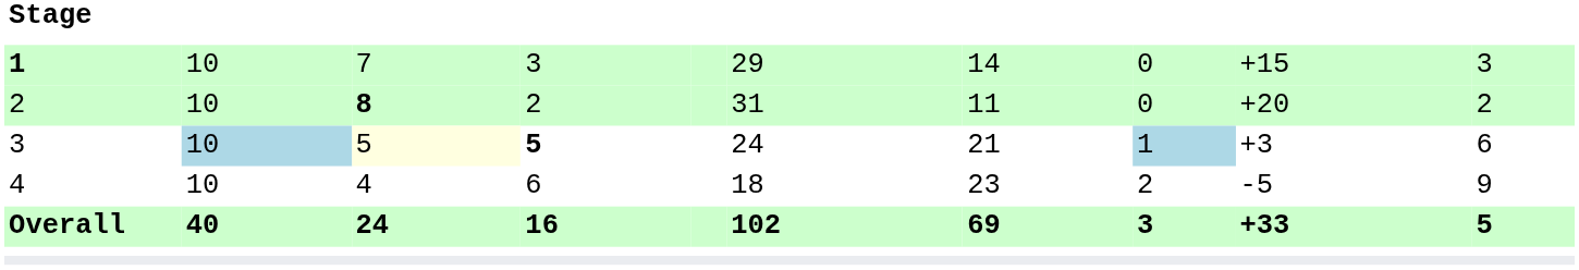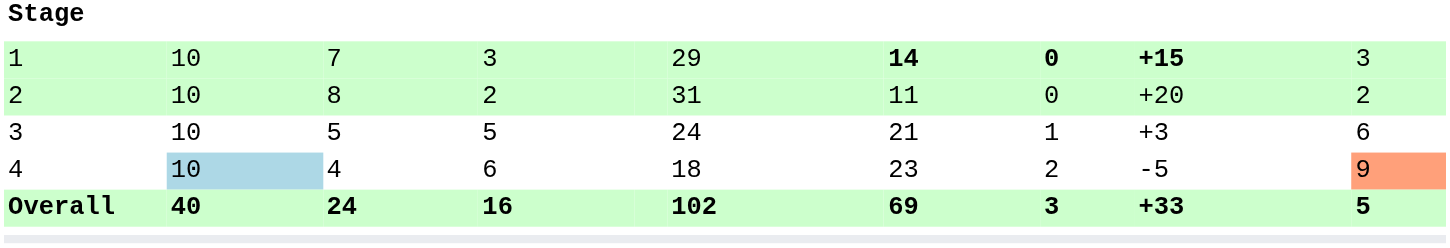 <table class="toccolours" border=0 cellpadding="2" cellspacing="0" style="font-size:95%; text-align:left; width:700px;">
 <tr align="left" style="background:#">
 <th style="width:75px">Stage</th>
 <th></th>
 <th></th>
 <th></th>
 <th></th>
 <th></th>
 <th></th>
 <th></th>
 <th></th>
 <th></th>
 </tr>
 <tr>
 <td colspan = "10"></td>
 </tr>
 <tr style="background:#cfc">
-<td><strong>1</strong></td>
+<td>1</td>
 <td>10</td>
 <td>7</td>
 <td>3</td>
 <td></td>
 <td>29</td>
-<td>14</td>
-<td>0</td>
-<td>+15</td>
+<td><strong>14</strong></td>
+<td><strong>0</strong></td>
+<td><strong>+15</strong></td>
 <td>3</td>
 </tr>
 <tr style="background:#cfc">
 <td>2</td>
 <td>10</td>
-<td><strong>8</strong></td>
+<td>8</td>
 <td>2</td>
 <td></td>
 <td>31</td>
 <td>11</td>
 <td>0</td>
 <td>+20</td>
 <td>2</td>
 </tr>
 <tr>
 <td>3</td>
-<td style="background: lightblue;">10</td>
-<td style="background: lightyellow;">5</td>
-<td><strong>5</strong></td>
+<td>10</td>
+<td>5</td>
+<td>5</td>
 <td></td>
 <td>24</td>
 <td>21</td>
-<td style="background: lightblue;">1</td>
+<td>1</td>
 <td>+3</td>
 <td>6</td>
 </tr>
 <tr>
 <td>4</td>
-<td>10</td>
+<td style="background: lightblue;">10</td>
 <td>4</td>
 <td>6</td>
 <td></td>
 <td>18</td>
 <td>23</td>
 <td>2</td>
 <td>-5</td>
-<td>9</td>
+<td style="background: lightsalmon;">9</td>
 </tr>
 <tr style="background-color:#cfc">
 <th>Overall</th>
 <th>40</th>
 <th>24</th>
 <th>16</th>
 <th></th>
 <th>102</th>
 <th>69</th>
 <th>3</th>
 <th>+33</th>
 <th>5</th>
 </tr>
 <tr>
 <td colspan="10"></td>
 </tr>
 <tr style="background:#EAECF0;">
 <td colspan="10" style="text-align:center;"></td>
 </tr>
 </table>
